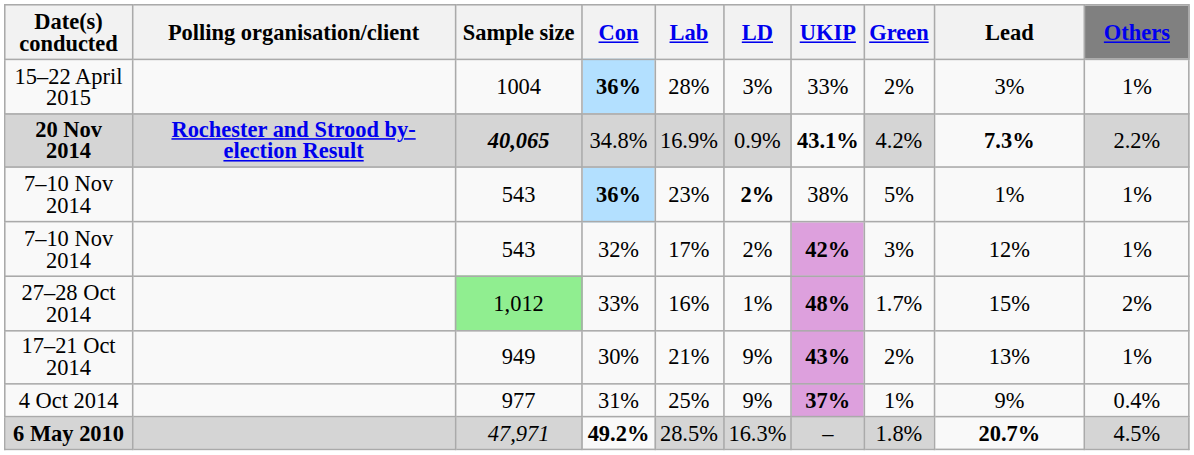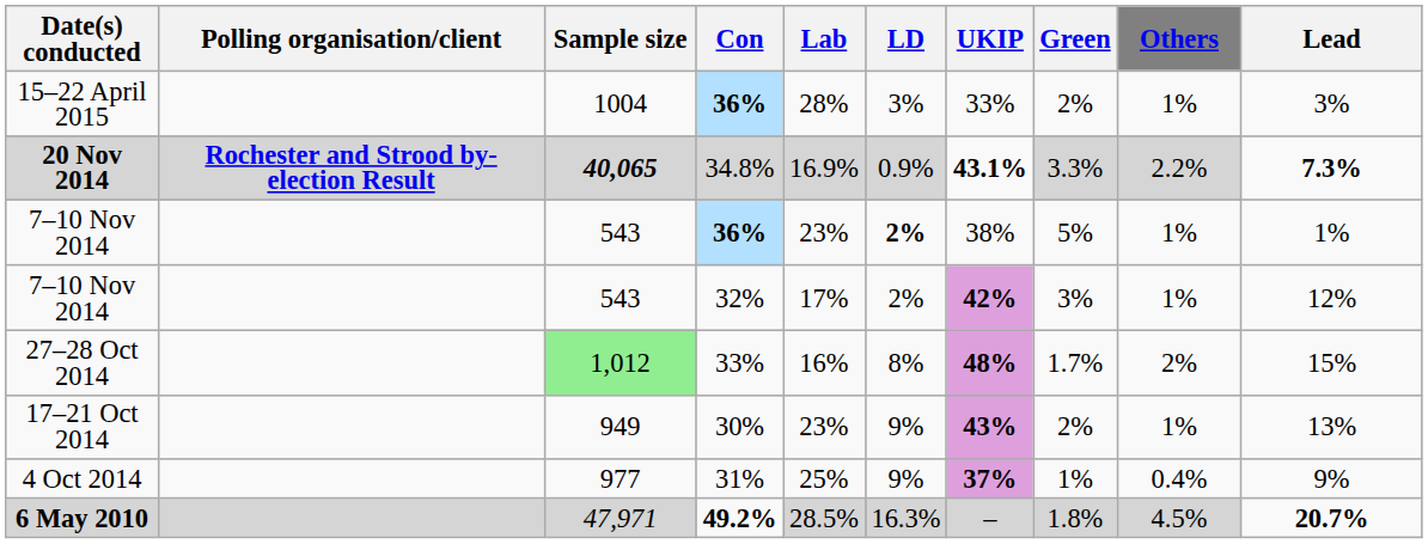 <table class="wikitable sortable" style="text-align:center;font-size:90%;line-height:14px">
 <tr>
 <th ! style="width:75px;">Date(s)<br>conducted</th>
 <th style="width:200px;">Polling organisation/client</th>
 <th class="unsortable" style="width:75px;">Sample size</th>
 <th class="unsortable" style="background:"><a href='#'><span>Con</span></a></th>
 <th class="unsortable" style="background:"><a href='#'><span>Lab</span></a></th>
 <th class="unsortable" style="background:"><a href='#'><span>LD</span></a></th>
 <th class="unsortable" style="background:"><a href='#'><span>UKIP</span></a></th>
 <th class="unsortable" style="background:"><a href='#'><span>Green</span></a></th>
+<th class="unsortable" style="background:gray; width:60px;"><a href='#'><span>Others</span></a></th>
 <th class="unsortable" style="width:90px;">Lead</th>
-<th class="unsortable" style="background:gray; width:60px;"><a href='#'><span>Others</span></a></th>
 </tr>
 <tr>
 <td>15–22 April 2015</td>
 <td></td>
 <td>1004</td>
 <td style="background:#B3E0FF"><strong>36%</strong></td>
 <td>28%</td>
 <td>3%</td>
 <td>33%</td>
 <td>2%</td>
+<td>1%</td>
 <td style="background:">3%</td>
-<td>1%</td>
 </tr>
 <tr>
 <td style="background:#D5D5D5"><strong>20 Nov 2014</strong></td>
 <td style="background:#D5D5D5"><strong><a href='#'>Rochester and Strood by-election Result</a></strong></td>
 <td style="background:#D5D5D5"><strong><em>40,065</em></strong></td>
 <td style="background:#D5D5D5">34.8%</td>
 <td style="background:#D5D5D5">16.9%</td>
 <td style="background:#D5D5D5">0.9%</td>
 <td style="background:"><strong>43.1%</strong></td>
-<td style="background:#D5D5D5">4.2%</td>
+<td style="background:#D5D5D5">3.3%</td>
+<td style="background:#D5D5D5">2.2%</td>
 <td style="background:"><strong>7.3% </strong></td>
-<td style="background:#D5D5D5">2.2%</td>
 </tr>
 <tr>
 <td>7–10 Nov 2014</td>
 <td></td>
 <td>543</td>
 <td style="background:#B3E0FF"><strong>36%</strong></td>
 <td>23%</td>
 <td><strong>2%</strong></td>
 <td>38%</td>
 <td>5%</td>
+<td>1%</td>
 <td style="background:">1%</td>
-<td>1%</td>
 </tr>
 <tr>
 <td>7–10 Nov 2014</td>
 <td></td>
 <td>543</td>
 <td>32%</td>
 <td>17%</td>
 <td>2%</td>
 <td style="background:plum"><strong>42%</strong></td>
 <td>3%</td>
+<td>1%</td>
 <td style="background:">12%</td>
-<td>1%</td>
 </tr>
 <tr>
 <td>27–28 Oct 2014</td>
 <td></td>
 <td style="background: lightgreen;">1,012</td>
 <td>33%</td>
 <td>16%</td>
-<td>1%</td>
+<td>8%</td>
 <td style="background:plum"><strong>48%</strong></td>
 <td>1.7%</td>
+<td>2%</td>
 <td style="background:">15%</td>
-<td>2%</td>
 </tr>
 <tr>
 <td>17–21 Oct 2014</td>
 <td></td>
 <td>949</td>
 <td>30%</td>
-<td>21%</td>
+<td>23%</td>
 <td>9%</td>
 <td style="background:plum"><strong>43%</strong></td>
 <td>2%</td>
+<td>1%</td>
 <td style="background:">13%</td>
-<td>1%</td>
 </tr>
 <tr>
 <td>4 Oct 2014</td>
 <td></td>
 <td>977</td>
 <td>31%</td>
 <td>25%</td>
 <td>9%</td>
 <td style="background:plum"><strong>37%</strong></td>
 <td>1%</td>
+<td>0.4%</td>
 <td style="background:">9%</td>
-<td>0.4%</td>
 </tr>
 <tr>
 <td style="background:#D5D5D5"><strong>6 May 2010</strong></td>
 <td style="background:#D5D5D5"></td>
 <td style="background:#D5D5D5"><em>47,971</em></td>
 <td style="background:"><strong>49.2%</strong></td>
 <td style="background:#D5D5D5">28.5%</td>
 <td style="background:#D5D5D5">16.3%</td>
 <td style="background:#D5D5D5">–</td>
 <td style="background:#D5D5D5">1.8%</td>
+<td style="background:#D5D5D5">4.5%</td>
 <td style="background:"><strong>20.7% </strong></td>
-<td style="background:#D5D5D5">4.5%</td>
 </tr>
 </table>
